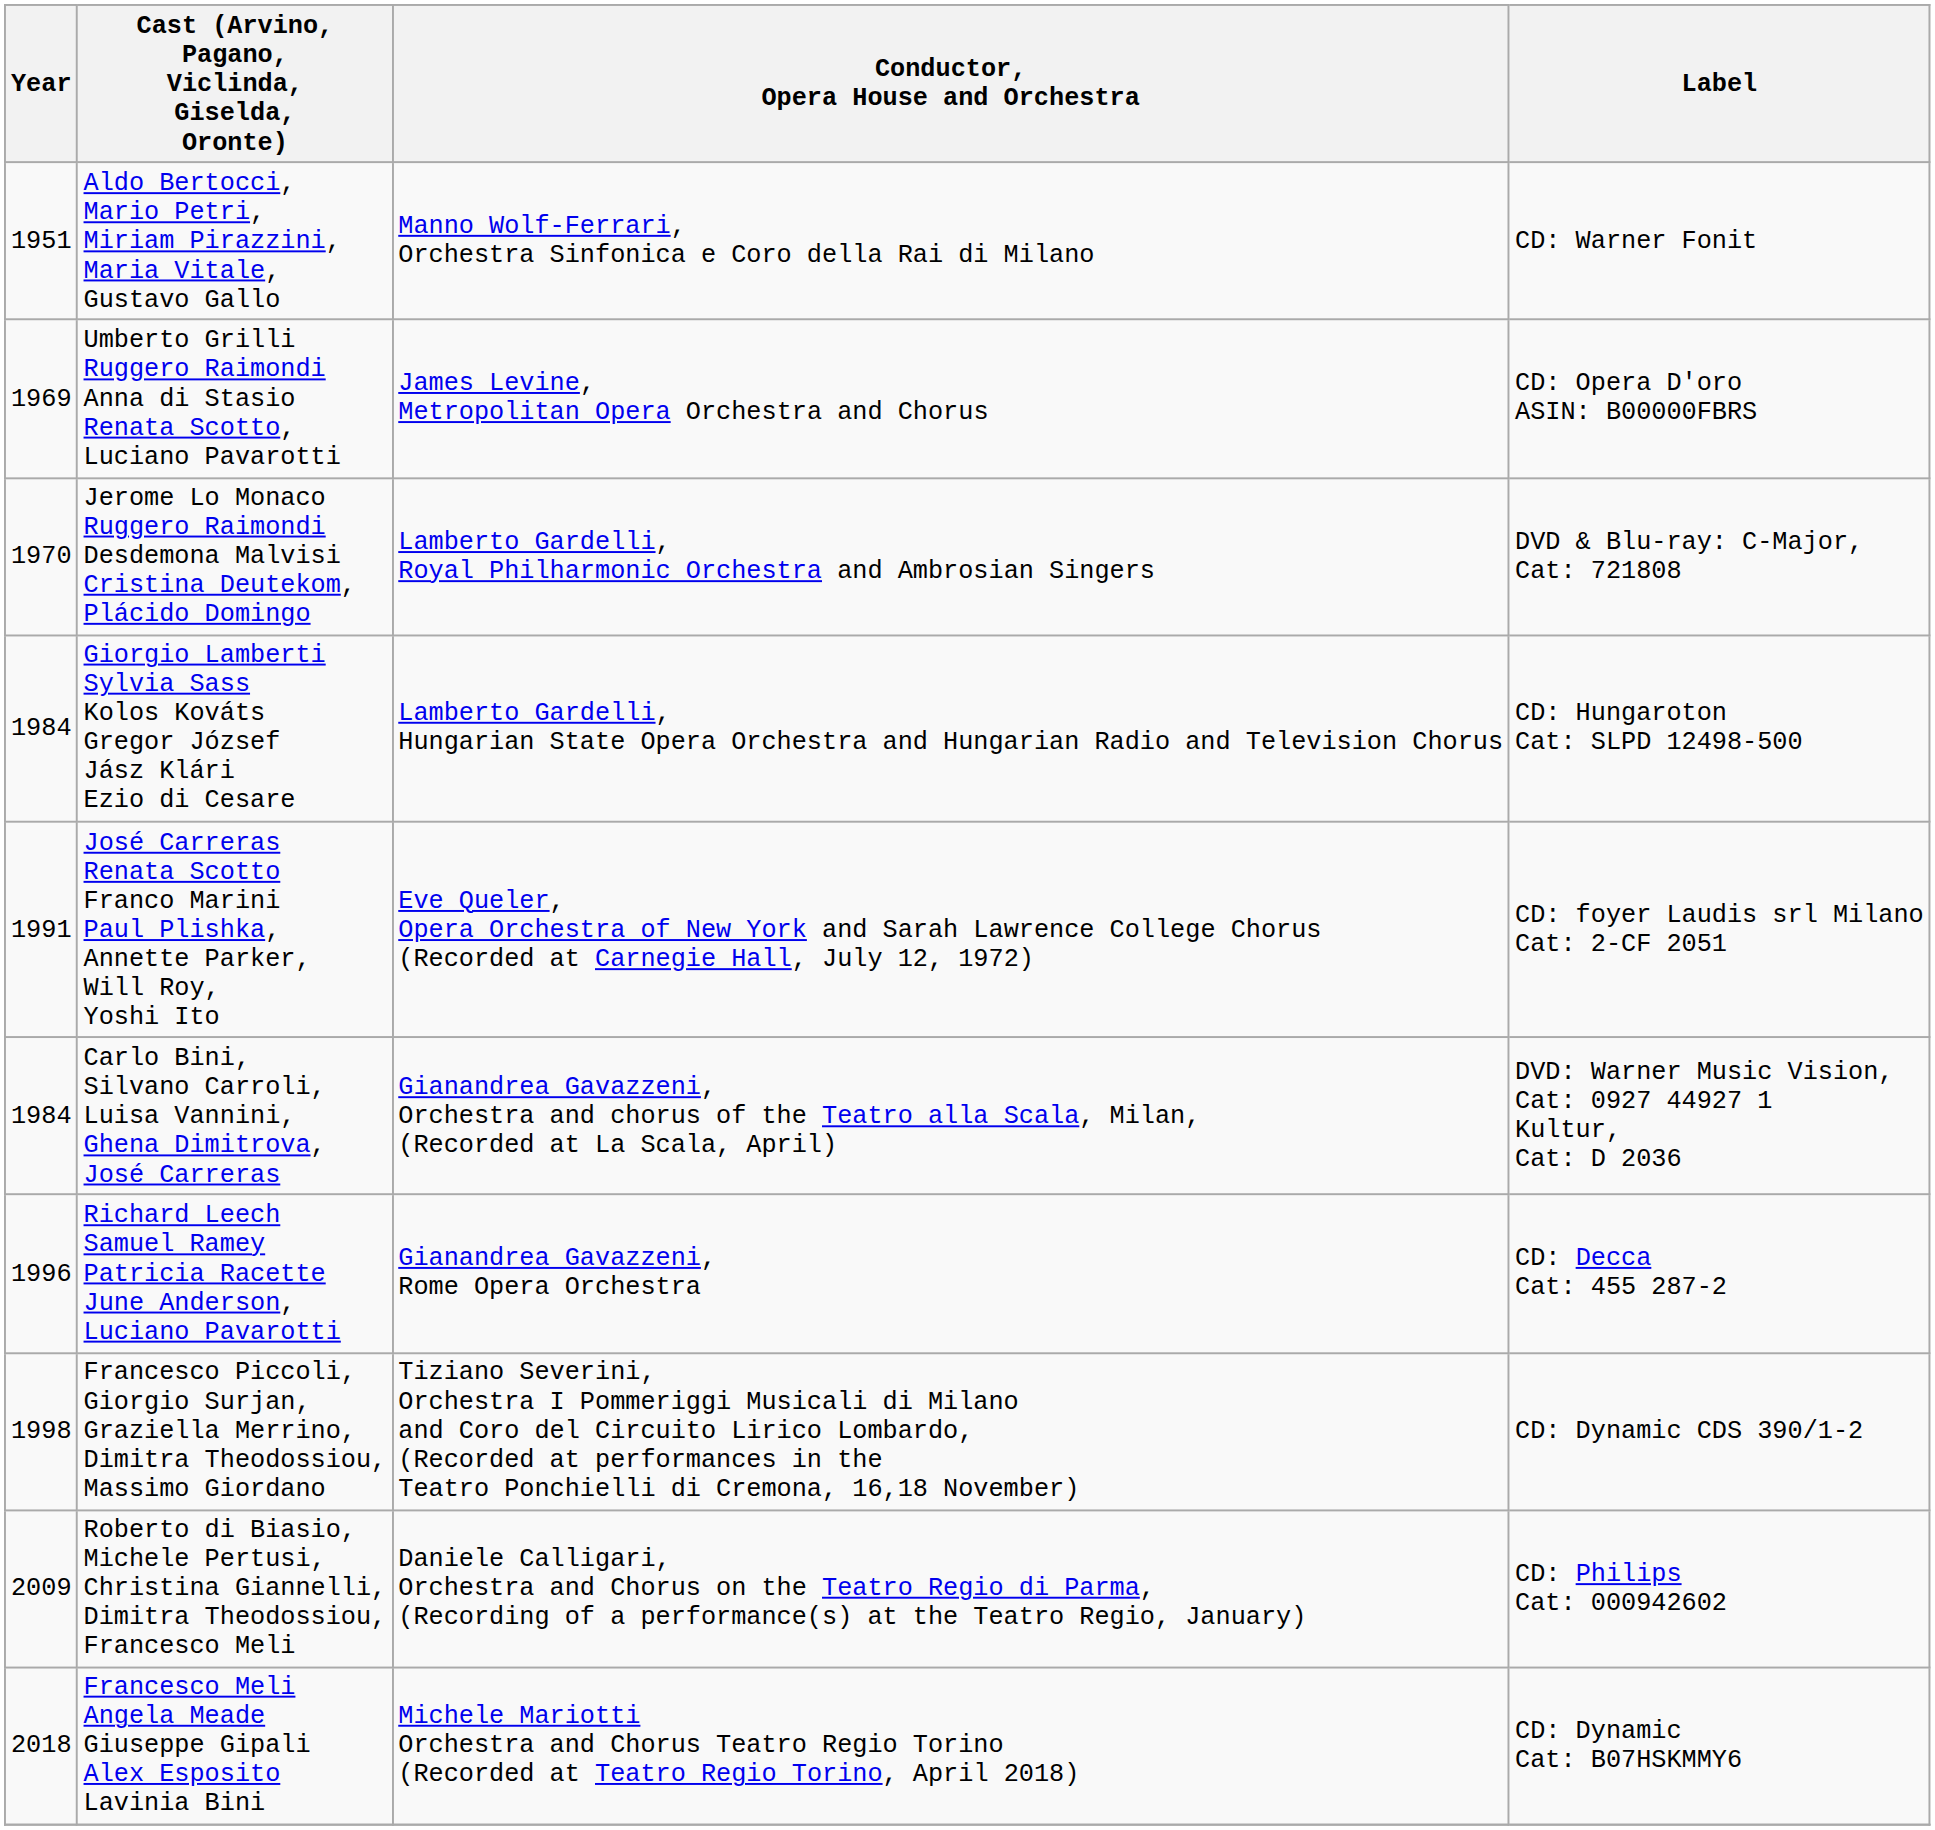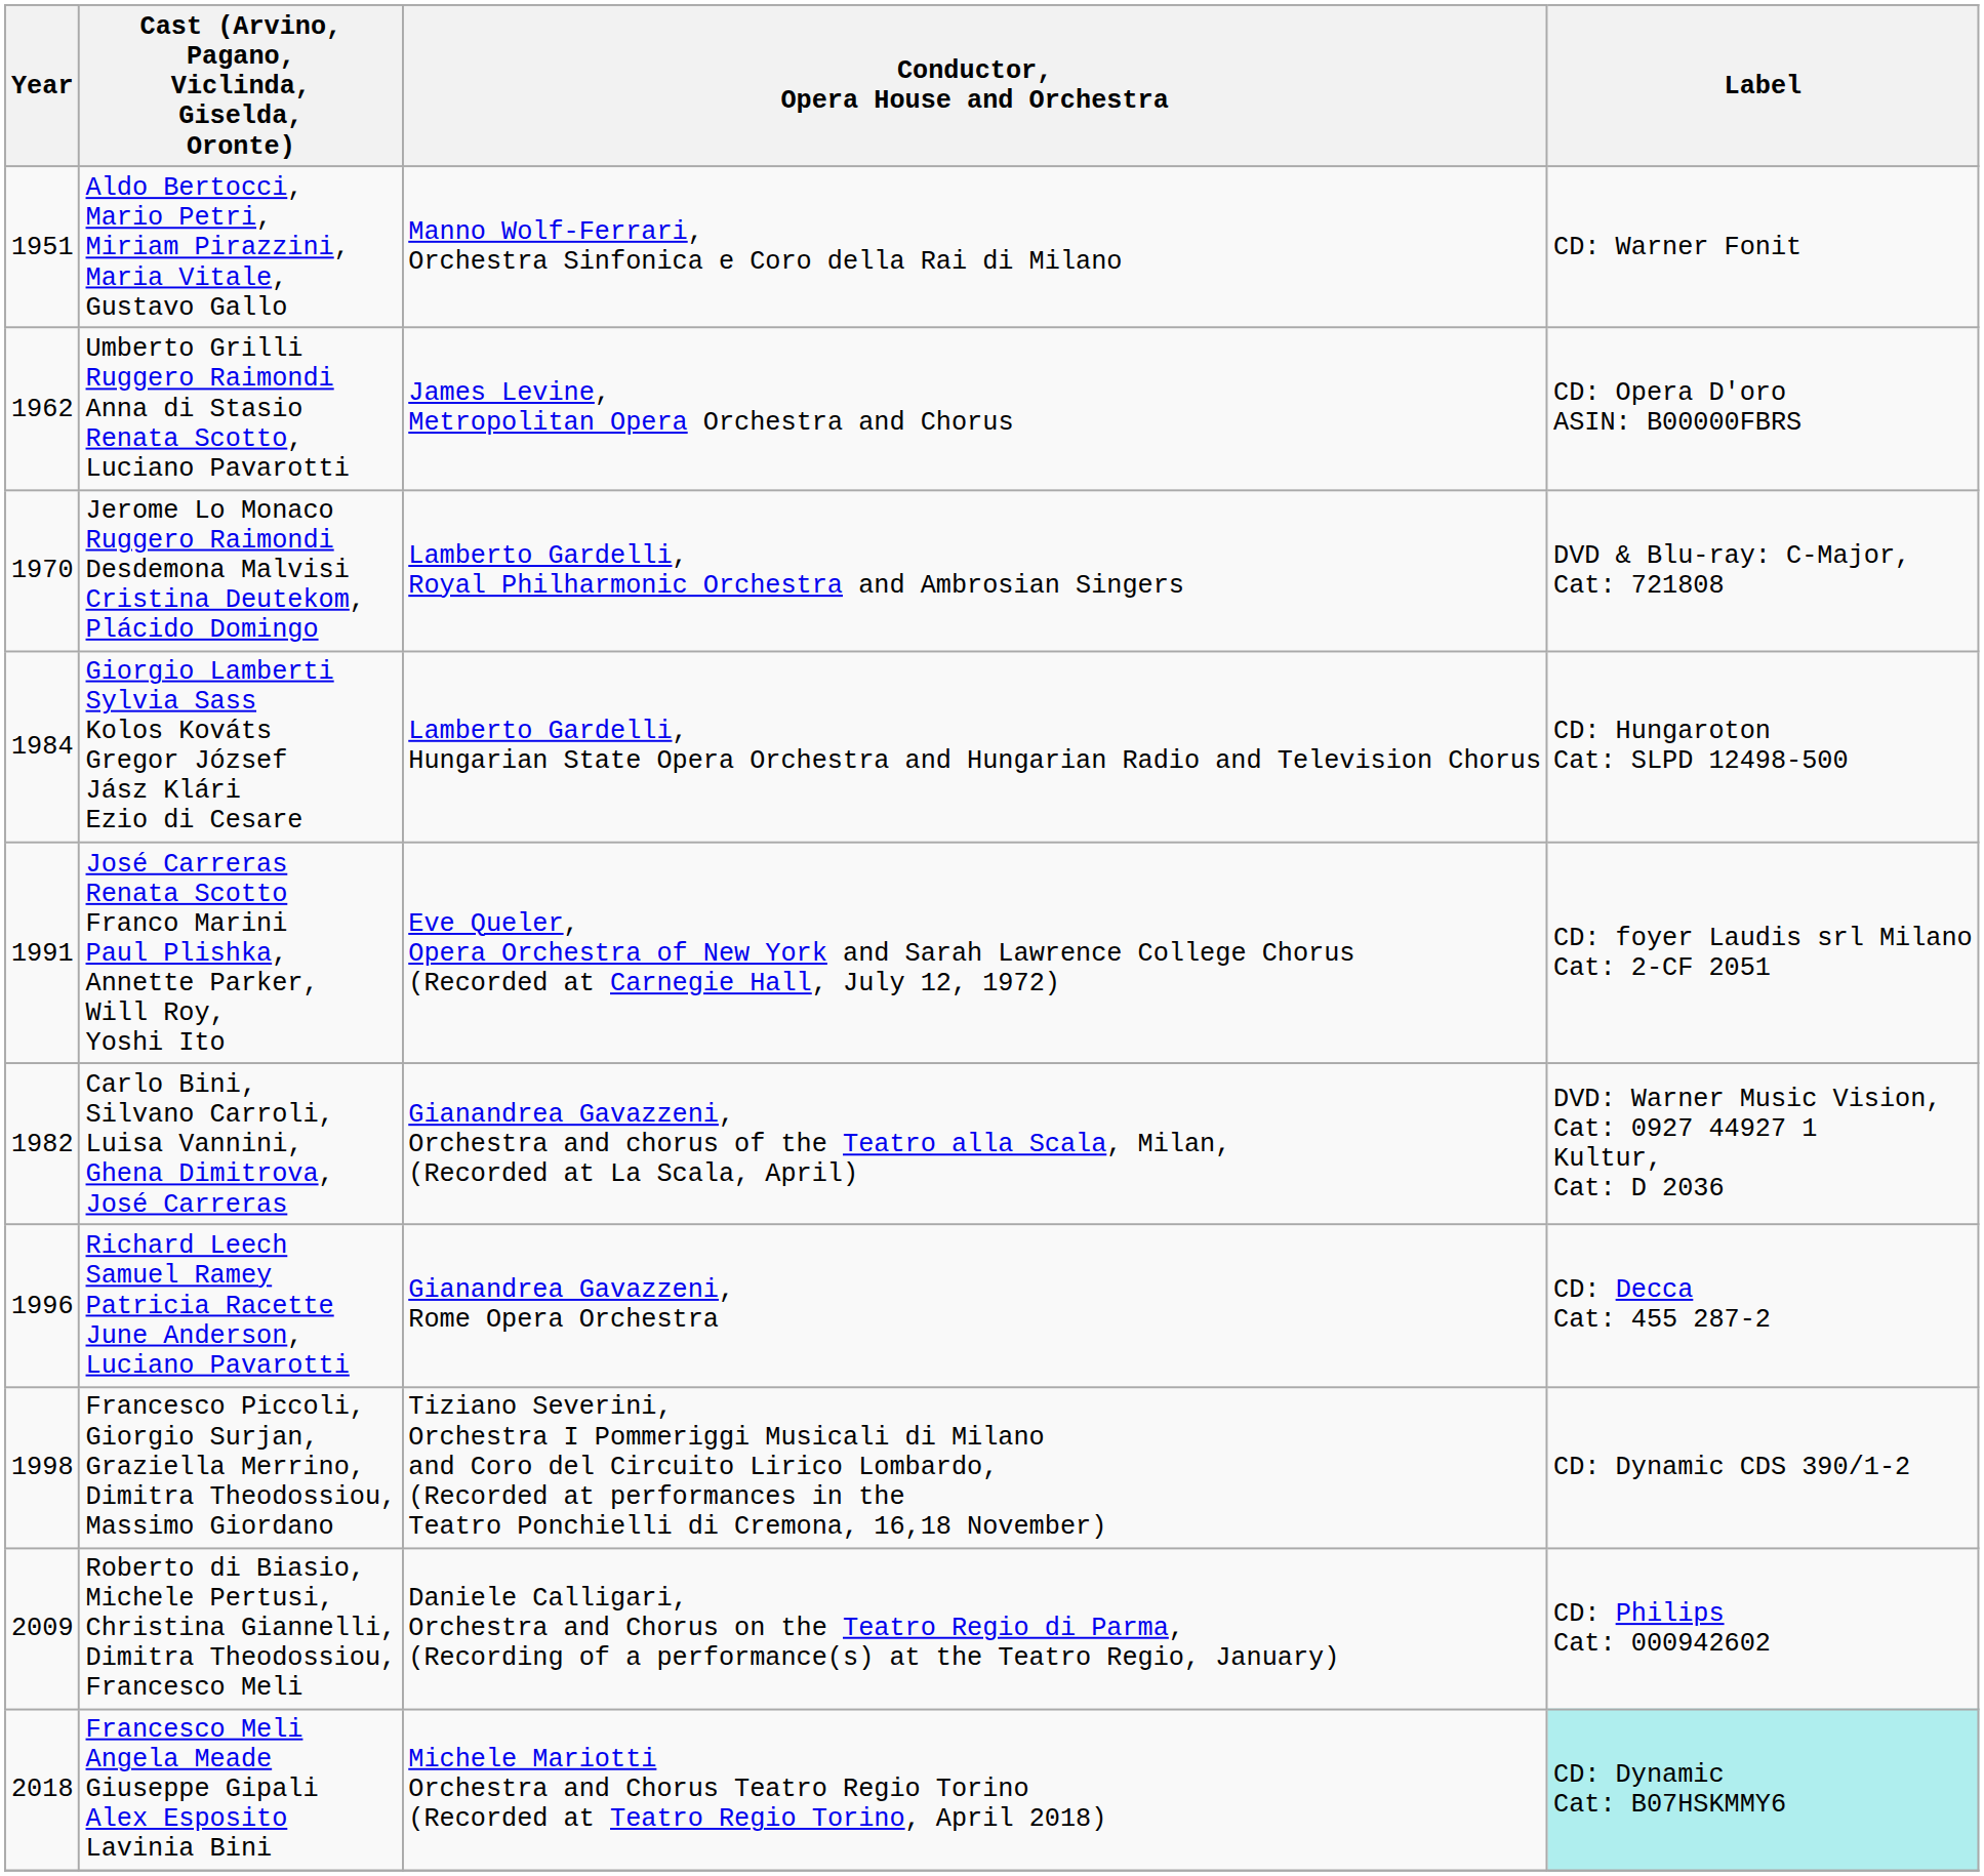 <table class="wikitable">
 <tr>
 <th>Year</th>
 <th>Cast (Arvino,<br>Pagano,<br>Viclinda,<br>Giselda,<br>Oronte)</th>
 <th>Conductor,<br>Opera House and Orchestra</th>
 <th>Label</th>
 </tr>
 <tr>
 <td>1951</td>
 <td><a href='#'>Aldo Bertocci</a>,<br><a href='#'>Mario Petri</a>,<br><a href='#'>Miriam Pirazzini</a>,<br><a href='#'>Maria Vitale</a>,<br>Gustavo Gallo</td>
 <td><a href='#'>Manno Wolf-Ferrari</a>,<br>Orchestra Sinfonica e Coro della Rai di Milano</td>
 <td>CD: Warner Fonit</td>
 </tr>
 <tr>
-<td>1969</td>
+<td>1962</td>
 <td>Umberto Grilli<br><a href='#'>Ruggero Raimondi</a><br>Anna di Stasio<br><a href='#'>Renata Scotto</a>,<br>Luciano Pavarotti</td>
 <td><a href='#'>James Levine</a>,<br><a href='#'>Metropolitan Opera</a>  Orchestra and Chorus</td>
 <td>CD:  Opera D'oro   <br> ASIN: B00000FBRS</td>
 </tr>
 <tr>
 <td>1970</td>
 <td>Jerome Lo Monaco<br><a href='#'>Ruggero Raimondi</a><br>Desdemona Malvisi<br><a href='#'>Cristina Deutekom</a>,<br><a href='#'>Plácido Domingo</a></td>
 <td><a href='#'>Lamberto Gardelli</a>,<br><a href='#'>Royal Philharmonic Orchestra</a> and Ambrosian Singers</td>
 <td>DVD & Blu-ray: C-Major,<br>Cat: 721808</td>
 </tr>
 <tr>
 <td>1984</td>
 <td><a href='#'>Giorgio Lamberti</a><br><a href='#'>Sylvia Sass</a><br>Kolos Kováts<br>Gregor József<br>Jász Klári<br>Ezio di Cesare</td>
 <td><a href='#'>Lamberto Gardelli</a>,<br>Hungarian State Opera Orchestra and Hungarian Radio and Television Chorus<br></td>
 <td>CD: Hungaroton <br> Cat: SLPD 12498-500</td>
 </tr>
 <tr>
 <td>1991</td>
 <td><a href='#'>José Carreras</a><br><a href='#'>Renata Scotto</a><br>Franco Marini<br><a href='#'>Paul Plishka</a>,<br>Annette Parker, <br> Will Roy, <br> Yoshi Ito</td>
 <td><a href='#'>Eve Queler</a>,<br><a href='#'>Opera Orchestra of New York</a> and Sarah Lawrence College Chorus<br>(Recorded at <a href='#'>Carnegie Hall</a>, July 12, 1972)</td>
 <td>CD: foyer Laudis srl Milano <br> Cat: 2-CF 2051</td>
 </tr>
 <tr>
-<td>1984</td>
+<td>1982</td>
 <td>Carlo Bini,<br>Silvano Carroli,<br>Luisa Vannini,<br><a href='#'>Ghena Dimitrova</a>,<br><a href='#'>José Carreras</a></td>
 <td><a href='#'>Gianandrea Gavazzeni</a>,<br>Orchestra and chorus of the <a href='#'>Teatro alla Scala</a>, Milan,<br>(Recorded at La Scala, April)</td>
 <td>DVD: Warner Music Vision,<br>Cat: 0927 44927 1<br>Kultur,<br>Cat: D 2036</td>
 </tr>
 <tr>
 <td>1996</td>
 <td><a href='#'>Richard Leech</a><br><a href='#'>Samuel Ramey</a><br><a href='#'>Patricia Racette</a><br><a href='#'>June Anderson</a>,<br><a href='#'>Luciano Pavarotti</a></td>
 <td><a href='#'>Gianandrea Gavazzeni</a>,<br>Rome Opera Orchestra</td>
 <td>CD:   <a href='#'>Decca</a> <br> Cat:  455 287-2</td>
 </tr>
 <tr>
 <td>1998</td>
 <td>Francesco Piccoli,<br>Giorgio Surjan,<br>Graziella Merrino,<br>Dimitra Theodossiou,<br>Massimo Giordano</td>
 <td>Tiziano Severini,<br>Orchestra I Pommeriggi Musicali di Milano<br>and Coro del Circuito Lirico Lombardo,<br>(Recorded at performances in the <br>Teatro Ponchielli di Cremona, 16,18 November)</td>
 <td>CD: Dynamic CDS 390/1-2</td>
 </tr>
 <tr>
 <td>2009</td>
 <td>Roberto di Biasio,<br>Michele Pertusi,<br>Christina Giannelli,<br>Dimitra Theodossiou,<br>Francesco Meli</td>
 <td>Daniele Calligari,<br>Orchestra and Chorus on the <a href='#'>Teatro Regio di Parma</a>,<br>(Recording of a performance(s) at the Teatro Regio, January)</td>
 <td>CD:  <a href='#'>Philips</a> <br> Cat:  000942602</td>
 </tr>
 <tr>
 <td>2018</td>
 <td><a href='#'>Francesco Meli</a><br><a href='#'>Angela Meade</a><br>Giuseppe Gipali<br><a href='#'>Alex Esposito</a><br>Lavinia Bini</td>
 <td><a href='#'>Michele Mariotti</a><br>Orchestra and Chorus Teatro Regio Torino <br>(Recorded at <a href='#'>Teatro Regio Torino</a>, April 2018)</td>
-<td>CD: Dynamic<br> Cat: B07HSKMMY6</td>
+<td style="background: paleturquoise;">CD: Dynamic<br> Cat: B07HSKMMY6</td>
 </tr>
 <tr>
 </tr>
 </table>
